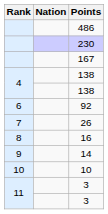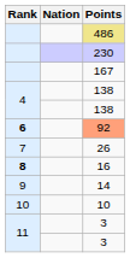 <table class="wikitable sortable" style="text-align:center">
 <tr>
 <th>Rank</th>
 <th>Nation</th>
 <th>Points</th>
 </tr>
 <tr>
 <td bgcolor = DDEEFF></td>
 <td align=left></td>
-<td>486</td>
+<td style="background: khaki;">486</td>
 </tr>
 <tr style="background-color:#ccccff">
 <td bgcolor = DDEEFF></td>
 <td align=left></td>
 <td>230</td>
 </tr>
 <tr>
 <td bgcolor = DDEEFF></td>
 <td align=left></td>
 <td>167</td>
 </tr>
 <tr>
 <td rowspan = "2" bgcolor = DDEEFF>4</td>
 <td align=left></td>
 <td>138</td>
 </tr>
 <tr>
 <td align=left></td>
 <td>138</td>
 </tr>
 <tr>
-<td bgcolor = DDEEFF>6</td>
+<td bgcolor = DDEEFF><strong>6</strong></td>
 <td align=left></td>
-<td>92</td>
+<td style="background: lightsalmon;">92</td>
 </tr>
 <tr>
 <td bgcolor = DDEEFF>7</td>
 <td align=left></td>
 <td>26</td>
 </tr>
 <tr>
-<td bgcolor = DDEEFF>8</td>
+<td bgcolor = DDEEFF><strong>8</strong></td>
 <td align=left></td>
 <td>16</td>
 </tr>
 <tr>
 <td bgcolor = DDEEFF>9</td>
 <td align=left></td>
 <td>14</td>
 </tr>
 <tr>
 <td bgcolor = DDEEFF>10</td>
 <td align=left></td>
 <td>10</td>
 </tr>
 <tr>
 <td rowspan = "2" bgcolor = DDEEFF>11</td>
 <td align=left></td>
 <td>3</td>
 </tr>
 <tr>
 <td align=left></td>
 <td>3</td>
 </tr>
 </table>
